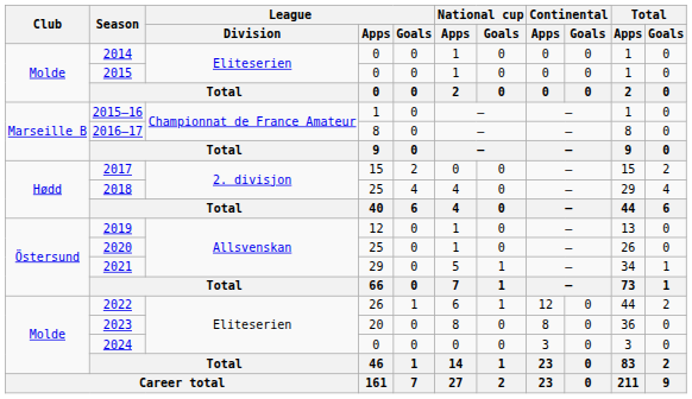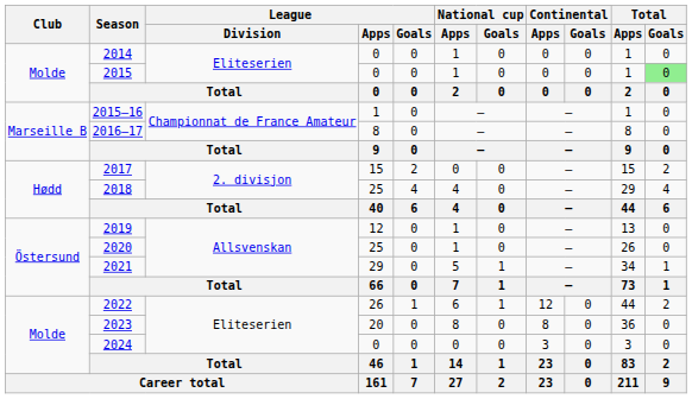 <table class="wikitable" style="text-align:center">
 <tr>
 <th rowspan="2">Club</th>
 <th rowspan="2">Season</th>
 <th colspan="3">League</th>
 <th colspan="2">National cup</th>
 <th colspan="2">Continental</th>
 <th colspan="2">Total</th>
 </tr>
 <tr>
 <th>Division</th>
 <th>Apps</th>
 <th>Goals</th>
 <th>Apps</th>
 <th>Goals</th>
 <th>Apps</th>
 <th>Goals</th>
 <th>Apps</th>
 <th>Goals</th>
 </tr>
 <tr>
 <td rowspan="3"><a href='#'>Molde</a></td>
 <td><a href='#'>2014</a></td>
 <td rowspan="2"><a href='#'>Eliteserien</a></td>
 <td>0</td>
 <td>0</td>
 <td>1</td>
 <td>0</td>
 <td>0</td>
 <td>0</td>
 <td>1</td>
 <td>0</td>
 </tr>
 <tr>
 <td><a href='#'>2015</a></td>
 <td>0</td>
 <td>0</td>
 <td>1</td>
 <td>0</td>
 <td>0</td>
 <td>0</td>
 <td>1</td>
-<td>0</td>
+<td style="background: lightgreen;">0</td>
 </tr>
 <tr>
 <th colspan="2">Total</th>
 <th>0</th>
 <th>0</th>
 <th>2</th>
 <th>0</th>
 <th>0</th>
 <th>0</th>
 <th>2</th>
 <th>0</th>
 </tr>
 <tr>
 <td rowspan="3"><a href='#'>Marseille B</a></td>
 <td><a href='#'>2015–16</a></td>
 <td rowspan="2"><a href='#'>Championnat de France Amateur</a></td>
 <td>1</td>
 <td>0</td>
 <td colspan="2">—</td>
 <td colspan="2">—</td>
 <td>1</td>
 <td>0</td>
 </tr>
 <tr>
 <td><a href='#'>2016–17</a></td>
 <td>8</td>
 <td>0</td>
 <td colspan="2">—</td>
 <td colspan="2">—</td>
 <td>8</td>
 <td>0</td>
 </tr>
 <tr>
 <th colspan="2">Total</th>
 <th>9</th>
 <th>0</th>
 <th colspan="2">—</th>
 <th colspan="2">—</th>
 <th>9</th>
 <th>0</th>
 </tr>
 <tr>
 <td rowspan="3"><a href='#'>Hødd</a></td>
 <td><a href='#'>2017</a></td>
 <td rowspan="2"><a href='#'>2. divisjon</a></td>
 <td>15</td>
 <td>2</td>
 <td>0</td>
 <td>0</td>
 <td colspan="2">—</td>
 <td>15</td>
 <td>2</td>
 </tr>
 <tr>
 <td><a href='#'>2018</a></td>
 <td>25</td>
 <td>4</td>
 <td>4</td>
 <td>0</td>
 <td colspan="2">—</td>
 <td>29</td>
 <td>4</td>
 </tr>
 <tr>
 <th colspan="2">Total</th>
 <th>40</th>
 <th>6</th>
 <th>4</th>
 <th>0</th>
 <th colspan="2">—</th>
 <th>44</th>
 <th>6</th>
 </tr>
 <tr>
 <td rowspan="4"><a href='#'>Östersund</a></td>
 <td><a href='#'>2019</a></td>
 <td rowspan="3"><a href='#'>Allsvenskan</a></td>
 <td>12</td>
 <td>0</td>
 <td>1</td>
 <td>0</td>
 <td colspan="2">—</td>
 <td>13</td>
 <td>0</td>
 </tr>
 <tr>
 <td><a href='#'>2020</a></td>
 <td>25</td>
 <td>0</td>
 <td>1</td>
 <td>0</td>
 <td colspan="2">—</td>
 <td>26</td>
 <td>0</td>
 </tr>
 <tr>
 <td><a href='#'>2021</a></td>
 <td>29</td>
 <td>0</td>
 <td>5</td>
 <td>1</td>
 <td colspan="2">—</td>
 <td>34</td>
 <td>1</td>
 </tr>
 <tr>
 <th colspan="2">Total</th>
 <th>66</th>
 <th>0</th>
 <th>7</th>
 <th>1</th>
 <th colspan="2">—</th>
 <th>73</th>
 <th>1</th>
 </tr>
 <tr>
 <td rowspan="4"><a href='#'>Molde</a></td>
 <td><a href='#'>2022</a></td>
 <td rowspan="3">Eliteserien</td>
 <td>26</td>
 <td>1</td>
 <td>6</td>
 <td>1</td>
 <td>12</td>
 <td>0</td>
 <td>44</td>
 <td>2</td>
 </tr>
 <tr>
 <td><a href='#'>2023</a></td>
 <td>20</td>
 <td>0</td>
 <td>8</td>
 <td>0</td>
 <td>8</td>
 <td>0</td>
 <td>36</td>
 <td>0</td>
 </tr>
 <tr>
 <td><a href='#'>2024</a></td>
 <td>0</td>
 <td>0</td>
 <td>0</td>
 <td>0</td>
 <td>3</td>
 <td>0</td>
 <td>3</td>
 <td>0</td>
 </tr>
 <tr>
 <th colspan="2">Total</th>
 <th>46</th>
 <th>1</th>
 <th>14</th>
 <th>1</th>
 <th>23</th>
 <th>0</th>
 <th>83</th>
 <th>2</th>
 </tr>
 <tr>
 <th colspan="3">Career total</th>
 <th>161</th>
 <th>7</th>
 <th>27</th>
 <th>2</th>
 <th>23</th>
 <th>0</th>
 <th>211</th>
 <th>9</th>
 </tr>
 </table>
